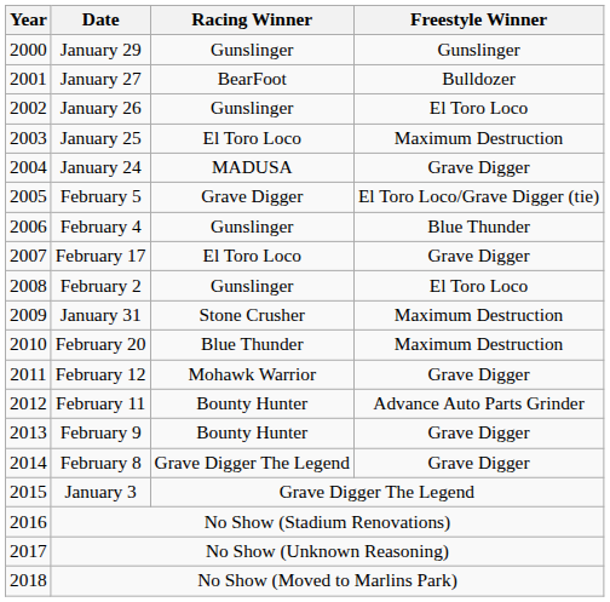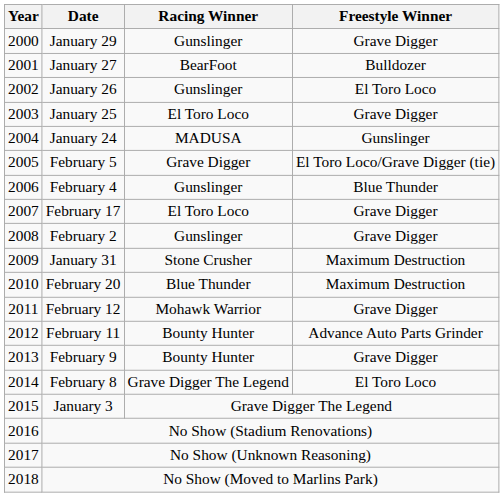 <table class="wikitable" style="text-align:center">
 <tr style="background:#efefef;">
 <th style="text-align:center;">Year</th>
 <th style="text-align:center;">Date</th>
 <th style="text-align:center;">Racing Winner</th>
 <th style="text-align:center;">Freestyle Winner</th>
 </tr>
 <tr>
 <td>2000</td>
 <td>January 29</td>
 <td>Gunslinger</td>
-<td>Gunslinger</td>
+<td>Grave Digger</td>
 </tr>
 <tr>
 <td>2001</td>
 <td>January 27</td>
 <td>BearFoot</td>
 <td>Bulldozer</td>
 </tr>
 <tr>
 <td>2002</td>
 <td>January 26</td>
 <td>Gunslinger</td>
 <td>El Toro Loco</td>
 </tr>
 <tr>
 <td>2003</td>
 <td>January 25</td>
 <td>El Toro Loco</td>
-<td>Maximum Destruction</td>
+<td>Grave Digger</td>
 </tr>
 <tr>
 <td>2004</td>
 <td>January 24</td>
 <td>MADUSA</td>
-<td>Grave Digger</td>
+<td>Gunslinger</td>
 </tr>
 <tr>
 <td>2005</td>
 <td>February 5</td>
 <td>Grave Digger</td>
 <td>El Toro Loco/Grave Digger (tie)</td>
 </tr>
 <tr>
 <td>2006</td>
 <td>February 4</td>
 <td>Gunslinger</td>
 <td>Blue Thunder</td>
 </tr>
 <tr>
 <td>2007</td>
 <td>February 17</td>
 <td>El Toro Loco</td>
 <td>Grave Digger</td>
 </tr>
 <tr>
 <td>2008</td>
 <td>February 2</td>
 <td>Gunslinger</td>
-<td>El Toro Loco</td>
+<td>Grave Digger</td>
 </tr>
 <tr>
 <td>2009</td>
 <td>January 31</td>
 <td>Stone Crusher</td>
 <td>Maximum Destruction</td>
 </tr>
 <tr>
 <td>2010</td>
 <td>February 20</td>
 <td>Blue Thunder</td>
 <td>Maximum Destruction</td>
 </tr>
 <tr>
 <td>2011</td>
 <td>February 12</td>
 <td>Mohawk Warrior</td>
 <td>Grave Digger</td>
 </tr>
 <tr>
 <td>2012</td>
 <td>February 11</td>
 <td>Bounty Hunter</td>
 <td>Advance Auto Parts Grinder</td>
 </tr>
 <tr>
 <td>2013</td>
 <td>February 9</td>
 <td>Bounty Hunter</td>
 <td>Grave Digger</td>
 </tr>
 <tr>
 <td>2014</td>
 <td>February 8</td>
 <td>Grave Digger The Legend</td>
-<td>Grave Digger</td>
+<td>El Toro Loco</td>
 </tr>
 <tr>
 <td>2015</td>
 <td>January 3</td>
 <td colspan=2>Grave Digger The Legend</td>
 </tr>
 <tr>
 <td>2016</td>
 <td colspan=3>No Show (Stadium Renovations)</td>
 </tr>
 <tr>
 <td>2017</td>
 <td colspan=3>No Show (Unknown Reasoning)</td>
 </tr>
 <tr>
 <td>2018</td>
 <td colspan=3>No Show (Moved to Marlins Park)</td>
 </tr>
 </table>
